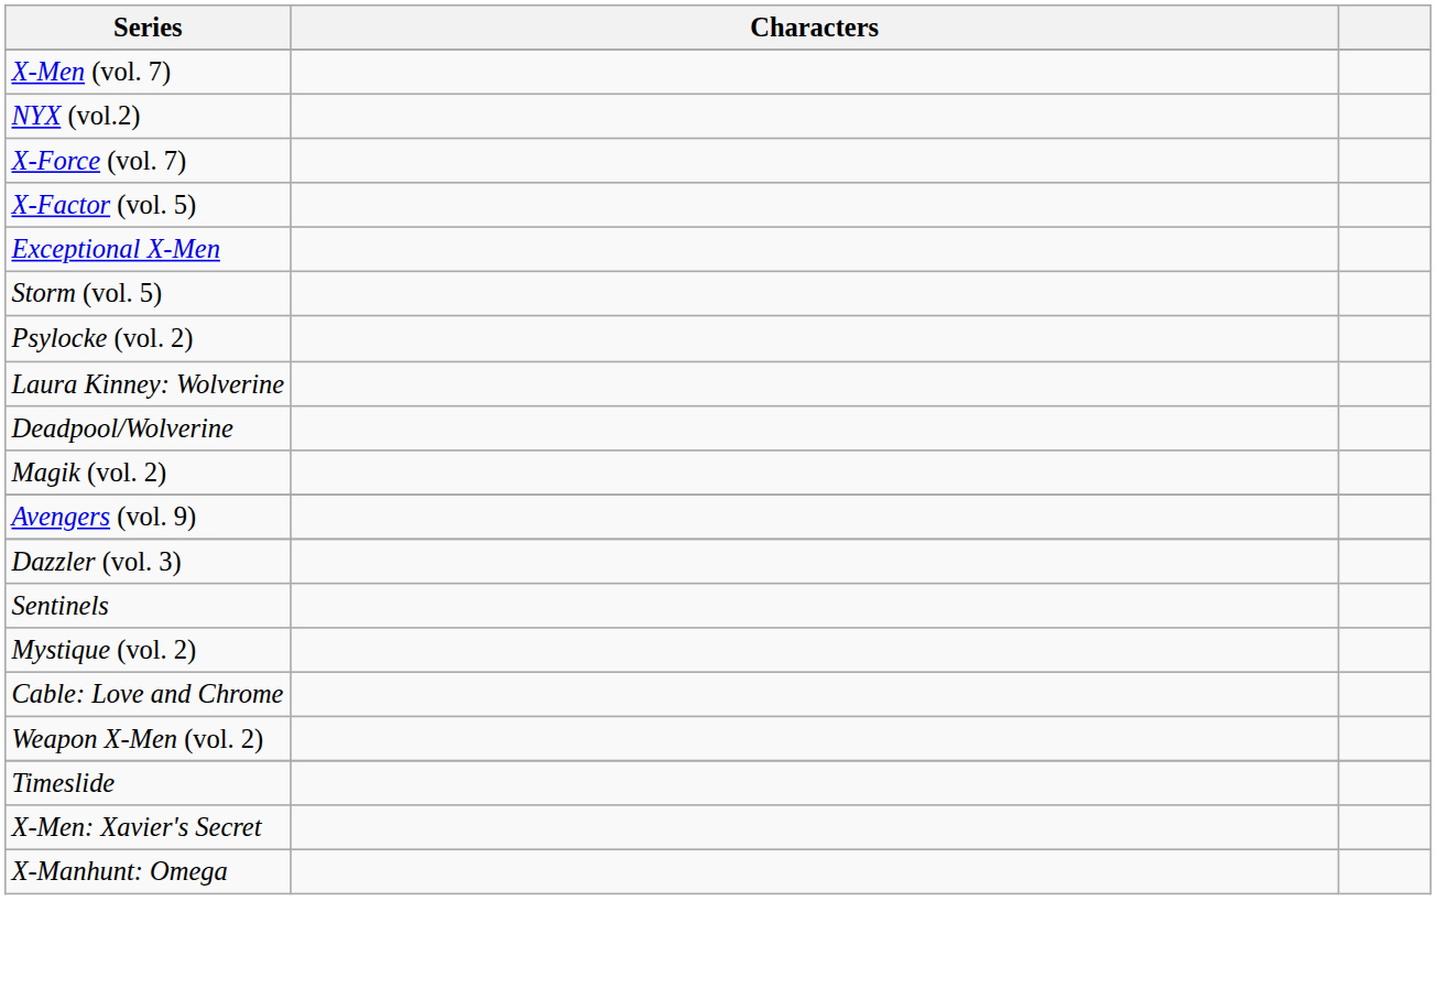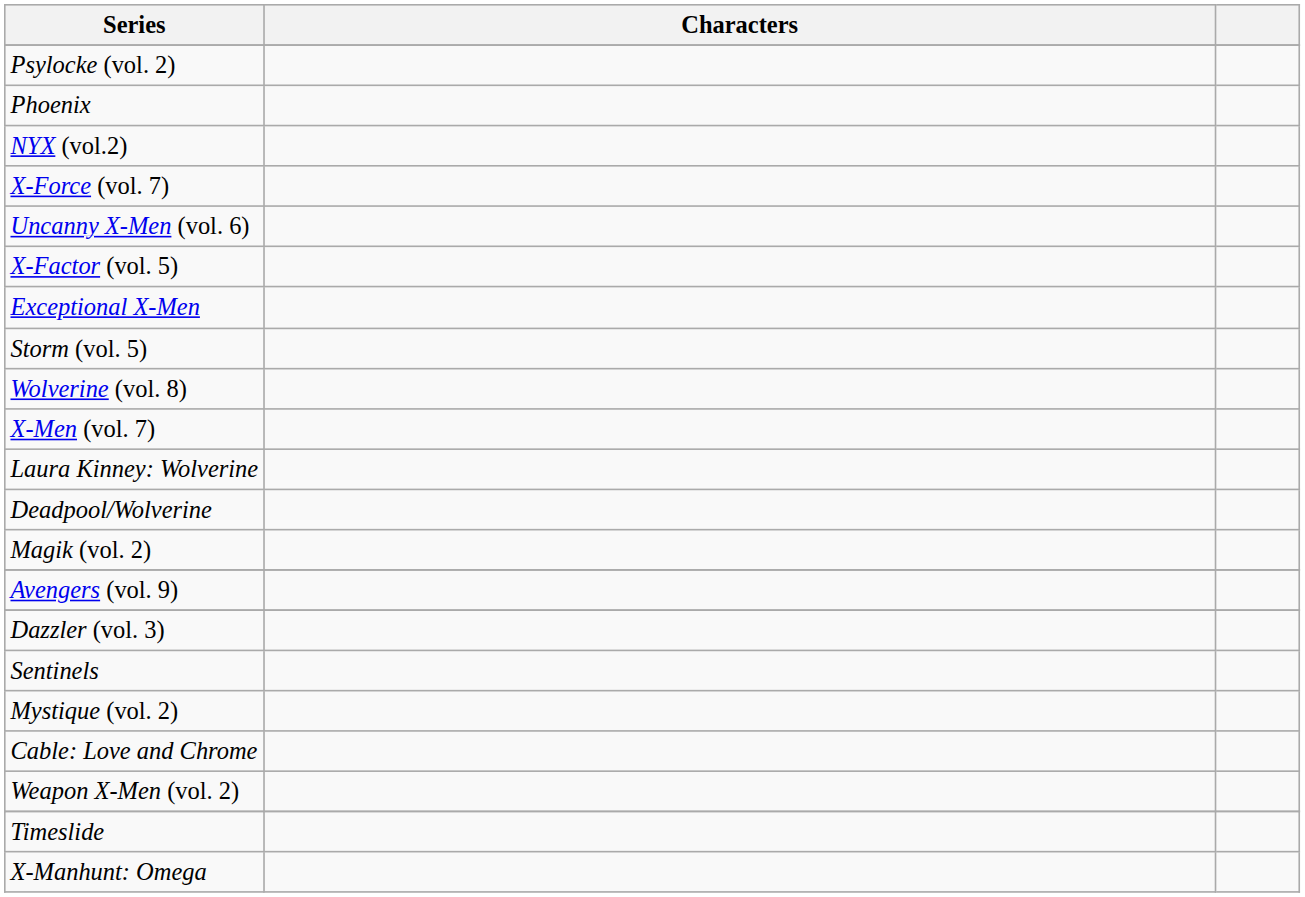 <table class="wikitable sortable" style="margins:auto; width=95%; font-size: 95%;">
 <tr>
 <th width="20%">Series</th>
 <th>Characters</th>
 <th></th>
 </tr>
 <tr>
 </tr>
 <tr>
-<td><em><a href='#'>X-Men</a></em> (vol. 7)</td>
+<td><em>Psylocke</em> (vol. 2)</td>
+<td></td>
+<td></td>
+</tr>
+<tr>
+<td><em>Phoenix</em></td>
 <td></td>
 <td></td>
 </tr>
 <tr>
 <td><em><a href='#'>NYX</a></em> (vol.2)</td>
 <td></td>
 <td></td>
 </tr>
 <tr>
 <td><em><a href='#'>X-Force</a></em> (vol. 7)</td>
+<td></td>
+<td></td>
+</tr>
+<tr>
+<td><em><a href='#'>Uncanny X-Men</a></em> (vol. 6)</td>
 <td></td>
 <td></td>
 </tr>
 <tr>
 <td><em><a href='#'>X-Factor</a></em> (vol. 5)</td>
 <td></td>
 <td></td>
 </tr>
 <tr>
 <td><em><a href='#'>Exceptional X-Men</a></em></td>
 <td></td>
 <td></td>
 </tr>
 <tr>
 <td><em>Storm</em> (vol. 5)</td>
 <td></td>
 <td></td>
 </tr>
 <tr>
-<td><em>Psylocke</em> (vol. 2)</td>
+<td><em><a href='#'>Wolverine</a></em> (vol. 8)</td>
+<td></td>
+<td></td>
+</tr>
+<tr>
+<td><em><a href='#'>X-Men</a></em> (vol. 7)</td>
 <td></td>
 <td></td>
 </tr>
 <tr>
 <td><em>Laura Kinney: Wolverine</em></td>
 <td></td>
 <td></td>
 </tr>
 <tr>
 <td><em>Deadpool/Wolverine</em></td>
 <td></td>
 <td></td>
 </tr>
 <tr>
 <td><em>Magik</em> (vol. 2)</td>
 <td></td>
 <td></td>
 </tr>
 <tr>
 </tr>
 <tr>
 <td><em><a href='#'>Avengers</a></em> (vol. 9)</td>
 <td></td>
 <td></td>
 </tr>
 <tr>
 </tr>
 <tr>
 <td><em>Dazzler</em> (vol. 3)</td>
 <td></td>
 <td></td>
 </tr>
 <tr>
 <td><em>Sentinels</em></td>
 <td></td>
 <td></td>
 </tr>
 <tr>
 <td><em>Mystique</em> (vol. 2)</td>
 <td></td>
 <td></td>
 </tr>
 <tr>
 <td><em>Cable: Love and Chrome</em></td>
 <td></td>
 <td></td>
 </tr>
 <tr>
 <td><em>Weapon X-Men</em> (vol. 2)</td>
 <td></td>
 <td></td>
 </tr>
 <tr>
 </tr>
 <tr>
 <td><em>Timeslide</em></td>
 <td></td>
 <td></td>
 </tr>
 <tr>
-<td><em>X-Men: Xavier's Secret</em></td>
-<td></td>
-<td></td>
-</tr>
-<tr>
 <td><em>X-Manhunt: Omega</em></td>
 <td></td>
 <td></td>
 </tr>
 </table>
